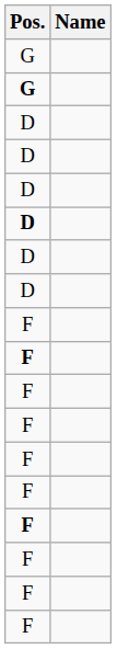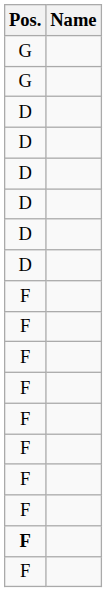 <table class="wikitable sortable" style=font-size:90%;text-align:center>
 <tr>
 <th>Pos.</th>
 <th>Name</th>
 </tr>
 <tr>
 <td>G</td>
 <td align=left></td>
 </tr>
 <tr>
-<td><strong>G</strong></td>
+<td>G</td>
 <td align=left></td>
 </tr>
 <tr>
 <td>D</td>
 <td align=left></td>
 </tr>
 <tr>
 <td>D</td>
 <td align=left></td>
 </tr>
 <tr>
 <td>D</td>
 <td align=left></td>
 </tr>
 <tr>
-<td><strong>D</strong></td>
+<td>D</td>
 <td align=left></td>
 </tr>
 <tr>
 <td>D</td>
 <td align=left></td>
 </tr>
 <tr>
 <td>D</td>
 <td align=left></td>
 </tr>
 <tr>
 <td>F</td>
 <td align=left></td>
 </tr>
 <tr>
-<td><strong>F</strong></td>
+<td>F</td>
+<td align=left></td>
+</tr>
+<tr>
+<td>F</td>
+<td align=left></td>
+</tr>
+<tr>
+<td>F</td>
 <td align=left></td>
 </tr>
 <tr>
 <td>F</td>
 <td align=left></td>
 </tr>
 <tr>
 <td>F</td>
 <td align=left></td>
 </tr>
 <tr>
 <td>F</td>
 <td align=left></td>
 </tr>
 <tr>
 <td>F</td>
 <td align=left></td>
 </tr>
 <tr>
 <td><strong>F</strong></td>
 <td align=left></td>
 </tr>
 <tr>
 <td>F</td>
 <td align=left></td>
 </tr>
-<tr>
-<td>F</td>
-<td align=left></td>
-</tr>
-<tr>
-<td>F</td>
-<td align=left></td>
-</tr>
 </table>
